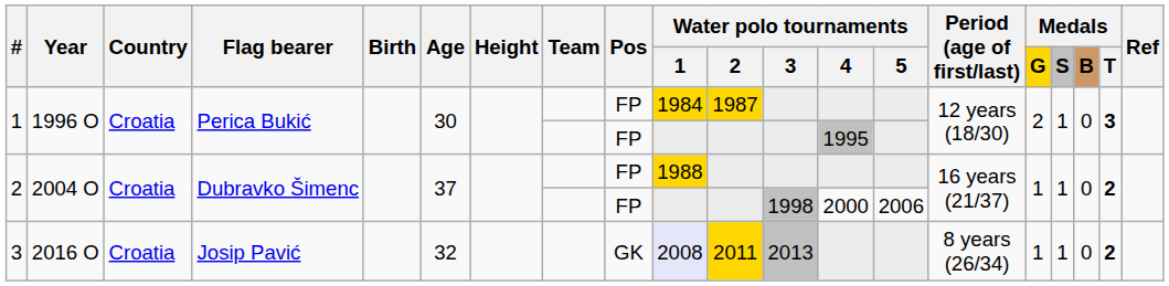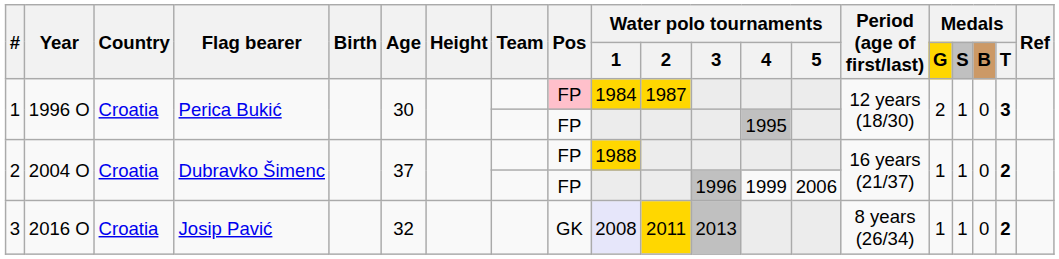 <table class="wikitable sortable" style="text-align: center; font-size: 80%; margin-left: 1em;">
 <tr>
 <th rowspan="2">#</th>
 <th rowspan="2">Year</th>
 <th rowspan="2">Country</th>
 <th rowspan="2">Flag bearer</th>
 <th rowspan="2">Birth</th>
 <th rowspan="2">Age</th>
 <th rowspan="2">Height</th>
 <th rowspan="2">Team</th>
 <th rowspan="2">Pos</th>
 <th colspan="5">Water polo tournaments</th>
 <th rowspan="2">Period<br>(age of<br>first/last)</th>
 <th colspan="4">Medals</th>
 <th rowspan="2" class="unsortable">Ref</th>
 </tr>
 <tr>
 <th>1</th>
 <th style="width: 2em;" class="unsortable">2</th>
 <th style="width: 2em;" class="unsortable">3</th>
 <th style="width: 2em;" class="unsortable">4</th>
 <th style="width: 2em;" class="unsortable">5</th>
 <th style="background-color: gold;">G</th>
 <th style="background-color: silver;">S</th>
 <th style="background-color: #cc9966;">B</th>
 <th>T</th>
 </tr>
 <tr>
 <td rowspan="2">1</td>
 <td rowspan="2">1996 O</td>
 <td rowspan="2" style="text-align: left;"> <a href='#'>Croatia</a></td>
 <td rowspan="2" style="text-align: left;" data-sort-value="Bukić, Perica"><a href='#'>Perica Bukić</a></td>
 <td rowspan="2"></td>
 <td rowspan="2">30</td>
 <td rowspan="2"></td>
 <td style="text-align: left;"></td>
-<td>FP</td>
+<td style="background: pink;">FP</td>
 <td style="background-color: gold;">1984</td>
 <td style="background-color: gold;">1987</td>
 <td style="background-color: #ececec;"></td>
 <td style="background-color: #ececec;"></td>
 <td style="background-color: #ececec;"></td>
 <td rowspan="2">12 years<br>(18/30)</td>
 <td rowspan="2">2</td>
 <td rowspan="2">1</td>
 <td rowspan="2">0</td>
 <td rowspan="2"><strong>3</strong></td>
 <td rowspan="2"></td>
 </tr>
 <tr class="expand-child">
 <td style="text-align: left;"></td>
 <td>FP</td>
 <td style="background-color: #ececec;"></td>
 <td style="background-color: #ececec;"></td>
 <td style="background-color: #ececec;"></td>
 <td style="background-color: silver;">1995</td>
 <td style="background-color: #ececec;"></td>
 </tr>
 <tr>
 <td rowspan="2">2</td>
 <td rowspan="2">2004 O</td>
 <td rowspan="2" style="text-align: left;"> <a href='#'>Croatia</a></td>
 <td rowspan="2" style="text-align: left;" data-sort-value="Šimenc, Dubravko"><a href='#'>Dubravko Šimenc</a></td>
 <td rowspan="2"></td>
 <td rowspan="2">37</td>
 <td rowspan="2"></td>
 <td style="text-align: left;"></td>
 <td>FP</td>
 <td style="background-color: gold;">1988</td>
 <td style="background-color: #ececec;"></td>
 <td style="background-color: #ececec;"></td>
 <td style="background-color: #ececec;"></td>
 <td style="background-color: #ececec;"></td>
 <td rowspan="2">16 years<br>(21/37)</td>
 <td rowspan="2">1</td>
 <td rowspan="2">1</td>
 <td rowspan="2">0</td>
 <td rowspan="2"><strong>2</strong></td>
 <td rowspan="2"></td>
 </tr>
 <tr class="expand-child">
 <td style="text-align: left;"></td>
 <td>FP</td>
 <td style="background-color: #ececec;"></td>
 <td style="background-color: #ececec;"></td>
-<td style="background-color: silver;">1998</td>
-<td>2000</td>
+<td style="background-color: silver;">1996</td>
+<td>1999</td>
 <td>2006</td>
 </tr>
 <tr>
 <td>3</td>
 <td>2016 O</td>
 <td style="text-align: left;"> <a href='#'>Croatia</a></td>
 <td style="text-align: left;" data-sort-value="Pavić, Josip"><a href='#'>Josip Pavić</a></td>
 <td></td>
 <td>32</td>
 <td></td>
 <td style="text-align: left;"></td>
 <td>GK</td>
 <td style="background: lavender;">2008</td>
 <td style="background-color: gold;">2011</td>
 <td style="background-color: silver;">2013</td>
 <td style="background-color: #ececec;"></td>
 <td style="background-color: #ececec;"></td>
 <td>8 years<br>(26/34)</td>
 <td>1</td>
 <td>1</td>
 <td>0</td>
 <td><strong>2</strong></td>
 <td></td>
 </tr>
 </table>
